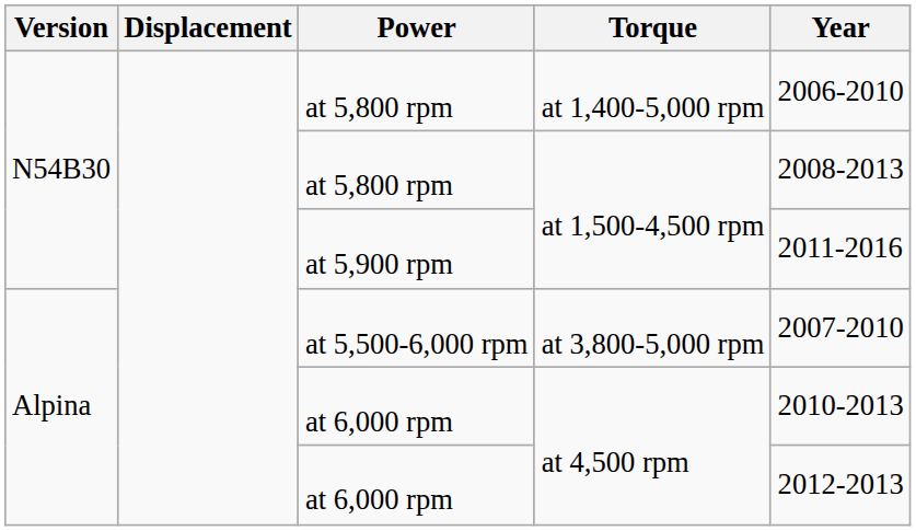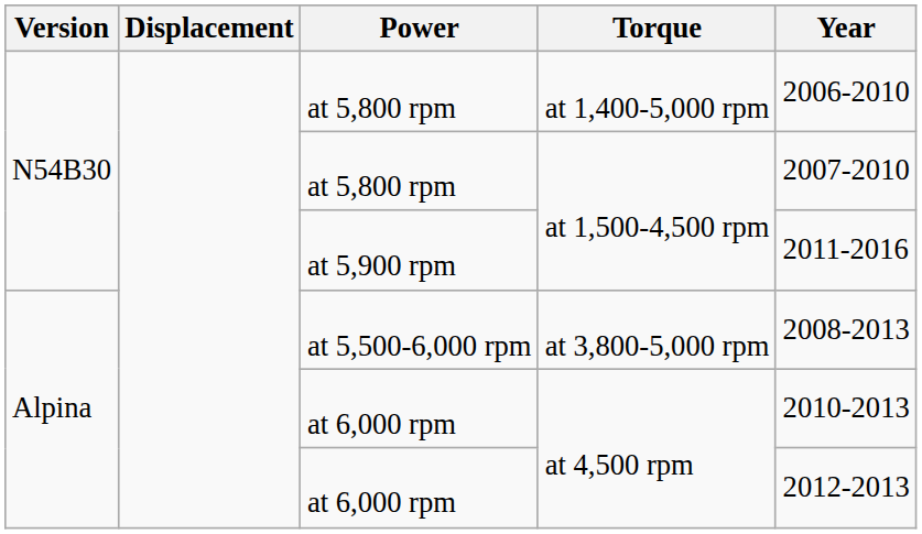 <table class=wikitable sortable>
 <tr>
 <th>Version</th>
 <th>Displacement</th>
 <th>Power</th>
 <th>Torque</th>
 <th>Year</th>
 </tr>
 <tr>
 <td rowspan=3>N54B30</td>
 <td rowspan=6></td>
 <td> <br> at 5,800 rpm</td>
 <td> <br> at 1,400-5,000 rpm</td>
 <td>2006-2010</td>
 </tr>
 <tr>
 <td> <br> at 5,800 rpm</td>
 <td rowspan=2> <br> at 1,500-4,500 rpm</td>
-<td>2008-2013</td>
+<td>2007-2010</td>
 </tr>
 <tr>
 <td> <br> at 5,900 rpm</td>
 <td>2011-2016</td>
 </tr>
 <tr>
 <td rowspan=3>Alpina</td>
 <td> <br> at 5,500-6,000 rpm</td>
 <td> <br> at 3,800-5,000 rpm</td>
-<td>2007-2010</td>
+<td>2008-2013</td>
 </tr>
 <tr>
 <td> <br> at 6,000 rpm</td>
 <td rowspan=2> <br> at 4,500 rpm</td>
 <td>2010-2013</td>
 </tr>
 <tr>
 <td> <br> at 6,000 rpm</td>
 <td>2012-2013</td>
 </tr>
 </table>
